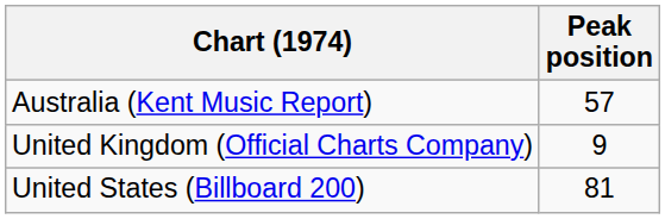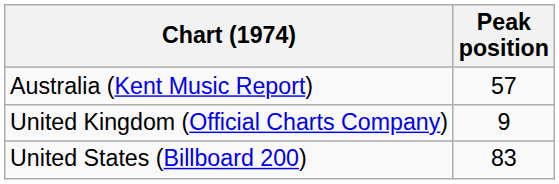 <table class="wikitable">
 <tr>
 <th scope="col">Chart (1974)</th>
 <th>Peak<br>position</th>
 </tr>
 <tr>
 <td>Australia (<a href='#'>Kent Music Report</a>)</td>
 <td style="text-align:center;">57</td>
 </tr>
 <tr>
 <td>United Kingdom (<a href='#'>Official Charts Company</a>)</td>
 <td style="text-align:center;">9</td>
 </tr>
 <tr>
 <td>United States (<a href='#'>Billboard 200</a>)</td>
-<td style="text-align:center;">81</td>
+<td style="text-align:center;">83</td>
 </tr>
 </table>
